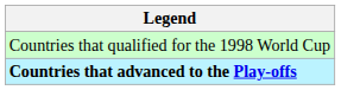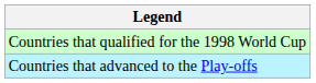 <table class="wikitable">
 <tr>
 <th>Legend</th>
 </tr>
 <tr bgcolor=#ccffcc>
 <td>Countries that qualified for the 1998 World Cup</td>
 </tr>
 <tr bgcolor=#BBF3FF>
-<td><strong>Countries that advanced to the <a href='#'>Play-offs</a></strong></td>
+<td>Countries that advanced to the <a href='#'>Play-offs</a></td>
 </tr>
 </table>
